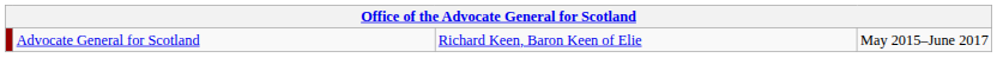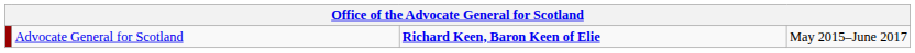 <table class="wikitable">
 <tr>
 <th colspan="4"><a href='#'>Office of the Advocate General for Scotland</a></th>
 </tr>
 <tr>
 <td style="width:1px; background:#900;"></td>
 <td style="width: 450px;"><a href='#'>Advocate General for Scotland</a></td>
-<td style="width: 450px;"><a href='#'>Richard Keen, Baron Keen of Elie</a></td>
+<td style="width: 450px;"><strong><a href='#'>Richard Keen, Baron Keen of Elie</a></strong></td>
 <td>May 2015–June 2017</td>
 </tr>
 </table>
